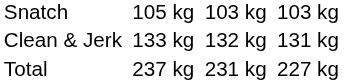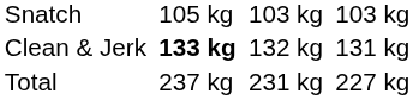 <table>
 <tr>
 <td>Snatch</td>
 <td></td>
 <td>105 kg</td>
 <td></td>
 <td>103 kg</td>
 <td></td>
 <td>103 kg</td>
 </tr>
 <tr>
 <td>Clean & Jerk</td>
 <td></td>
-<td>133 kg</td>
+<td><strong>133 kg</strong></td>
 <td></td>
 <td>132 kg</td>
 <td></td>
 <td>131 kg</td>
 </tr>
 <tr>
 <td>Total</td>
 <td></td>
 <td>237 kg</td>
 <td></td>
 <td>231 kg</td>
 <td></td>
 <td>227 kg</td>
 </tr>
 </table>
